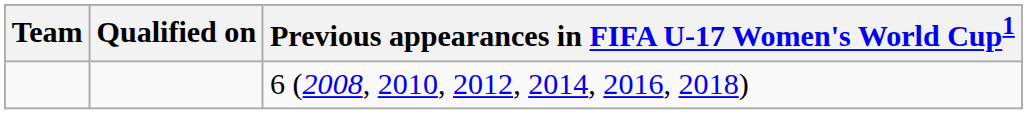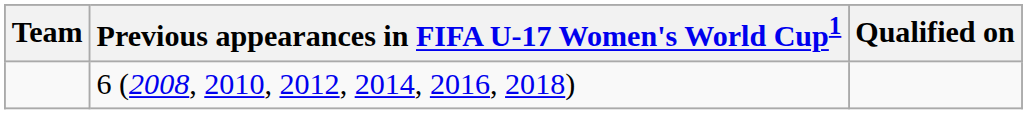 <table class="wikitable sortable">
 <tr>
 <th>Team</th>
+<th data-sort-type="number">Previous appearances in <a href='#'>FIFA U-17 Women's World Cup</a><sup><strong><a href='#'>1</a></strong></sup></th>
 <th>Qualified on</th>
-<th data-sort-type="number">Previous appearances in <a href='#'>FIFA U-17 Women's World Cup</a><sup><strong><a href='#'>1</a></strong></sup></th>
 </tr>
 <tr>
 <td></td>
+<td>6 (<em><a href='#'>2008</a></em>, <a href='#'>2010</a>, <a href='#'>2012</a>, <a href='#'>2014</a>, <a href='#'>2016</a>, <a href='#'>2018</a>)</td>
 <td></td>
-<td>6 (<em><a href='#'>2008</a></em>, <a href='#'>2010</a>, <a href='#'>2012</a>, <a href='#'>2014</a>, <a href='#'>2016</a>, <a href='#'>2018</a>)</td>
 </tr>
 </table>
